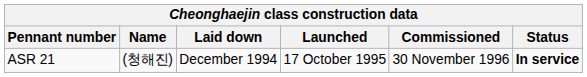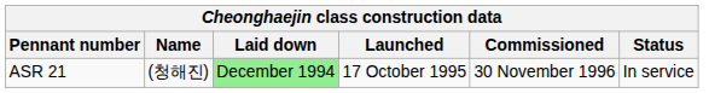 <table class=wikitable>
 <tr>
 <th colspan="6" align="center"><em>Cheonghaejin</em> class construction data</th>
 </tr>
 <tr>
 <th>Pennant number</th>
 <th>Name</th>
 <th>Laid down</th>
 <th>Launched</th>
 <th>Commissioned</th>
 <th>Status</th>
 </tr>
 <tr>
 <td>ASR 21</td>
 <td> (청해진)</td>
-<td>December 1994</td>
+<td style="background: lightgreen;">December 1994</td>
 <td>17 October 1995</td>
 <td>30 November 1996</td>
-<td><strong>In service</strong></td>
+<td>In service</td>
 </tr>
 </table>
